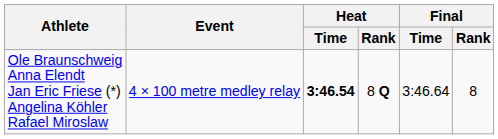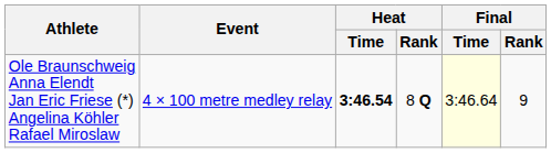 <table class="wikitable" style="font-size:90%;">
 <tr>
 <th rowspan="2">Athlete</th>
 <th rowspan="2">Event</th>
 <th colspan="2">Heat</th>
 <th colspan="2">Final</th>
 </tr>
 <tr>
 <th>Time</th>
 <th>Rank</th>
 <th>Time</th>
 <th>Rank</th>
 </tr>
 <tr align="center">
 <td align="left"><a href='#'>Ole Braunschweig</a><br><a href='#'>Anna Elendt</a><br><a href='#'>Jan Eric Friese</a> (*)<br><a href='#'>Angelina Köhler</a><br><a href='#'>Rafael Miroslaw</a></td>
 <td align="left"><a href='#'>4 × 100 metre medley relay</a></td>
 <td><strong>3:46.54</strong></td>
 <td>8 <strong>Q</strong></td>
-<td>3:46.64</td>
-<td>8</td>
+<td style="background: lightyellow;">3:46.64</td>
+<td>9</td>
 </tr>
 </table>
